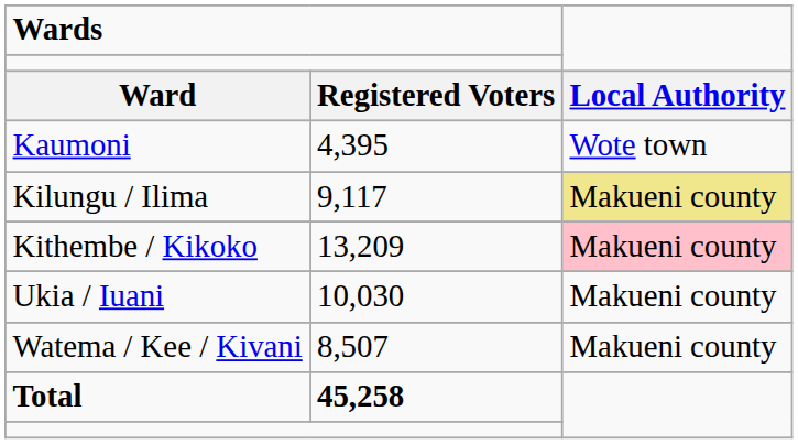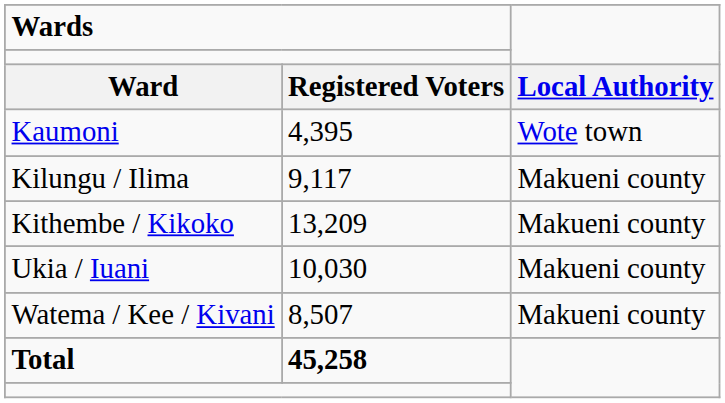 <table class="wikitable">
 <tr>
 <td colspan="2"><strong>Wards</strong></td>
 </tr>
 <tr>
 <td colspan="2"></td>
 </tr>
 <tr>
 <th>Ward</th>
 <th>Registered Voters</th>
 <th><a href='#'>Local Authority</a></th>
 </tr>
 <tr>
 <td><a href='#'>Kaumoni</a></td>
 <td>4,395</td>
 <td><a href='#'>Wote</a> town</td>
 </tr>
 <tr>
 <td>Kilungu / Ilima</td>
 <td>9,117</td>
-<td style="background: khaki;">Makueni county</td>
+<td>Makueni county</td>
 </tr>
 <tr>
 <td>Kithembe / <a href='#'>Kikoko</a></td>
 <td>13,209</td>
-<td style="background: pink;">Makueni county</td>
+<td>Makueni county</td>
 </tr>
 <tr>
 <td>Ukia / <a href='#'>Iuani</a></td>
 <td>10,030</td>
 <td>Makueni county</td>
 </tr>
 <tr>
 <td>Watema / Kee / <a href='#'>Kivani</a></td>
 <td>8,507</td>
 <td>Makueni county</td>
 </tr>
 <tr>
 <td><strong>Total</strong></td>
 <td><strong>45,258</strong></td>
 </tr>
 <tr>
 <td colspan="2"></td>
 </tr>
 </table>
